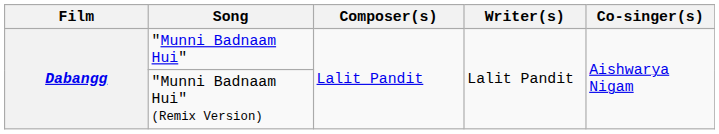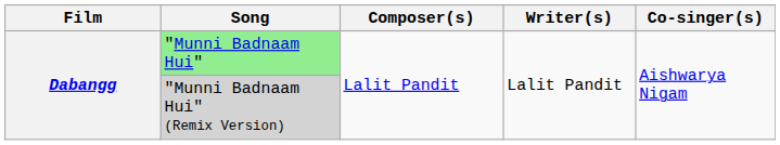 <table class="wikitable plainrowheaders" width="100%" textcolor:#000;">
 <tr>
 <th scope="col" width=20%><strong>Film</strong></th>
 <th scope="col" width=23%><strong>Song</strong></th>
 <th scope="col" width=21%><strong>Composer(s)</strong></th>
 <th scope="col" width=17%><strong>Writer(s)</strong></th>
 <th scope="col" width=18%><strong>Co-singer(s)</strong></th>
 </tr>
 <tr>
 <th scope="row" rowspan="2"><em><a href='#'>Dabangg</a></em></th>
-<td>"<a href='#'>Munni Badnaam Hui</a>"</td>
+<td style="background: lightgreen;">"<a href='#'>Munni Badnaam Hui</a>"</td>
 <td rowspan="2"><a href='#'>Lalit Pandit</a></td>
 <td rowspan="2">Lalit Pandit</td>
 <td rowspan="2"><a href='#'>Aishwarya Nigam</a></td>
 </tr>
 <tr>
-<td>"Munni Badnaam Hui"<br><small>(Remix Version)</small></td>
+<td style="background: lightgrey;">"Munni Badnaam Hui"<br><small>(Remix Version)</small></td>
 </tr>
 </table>
